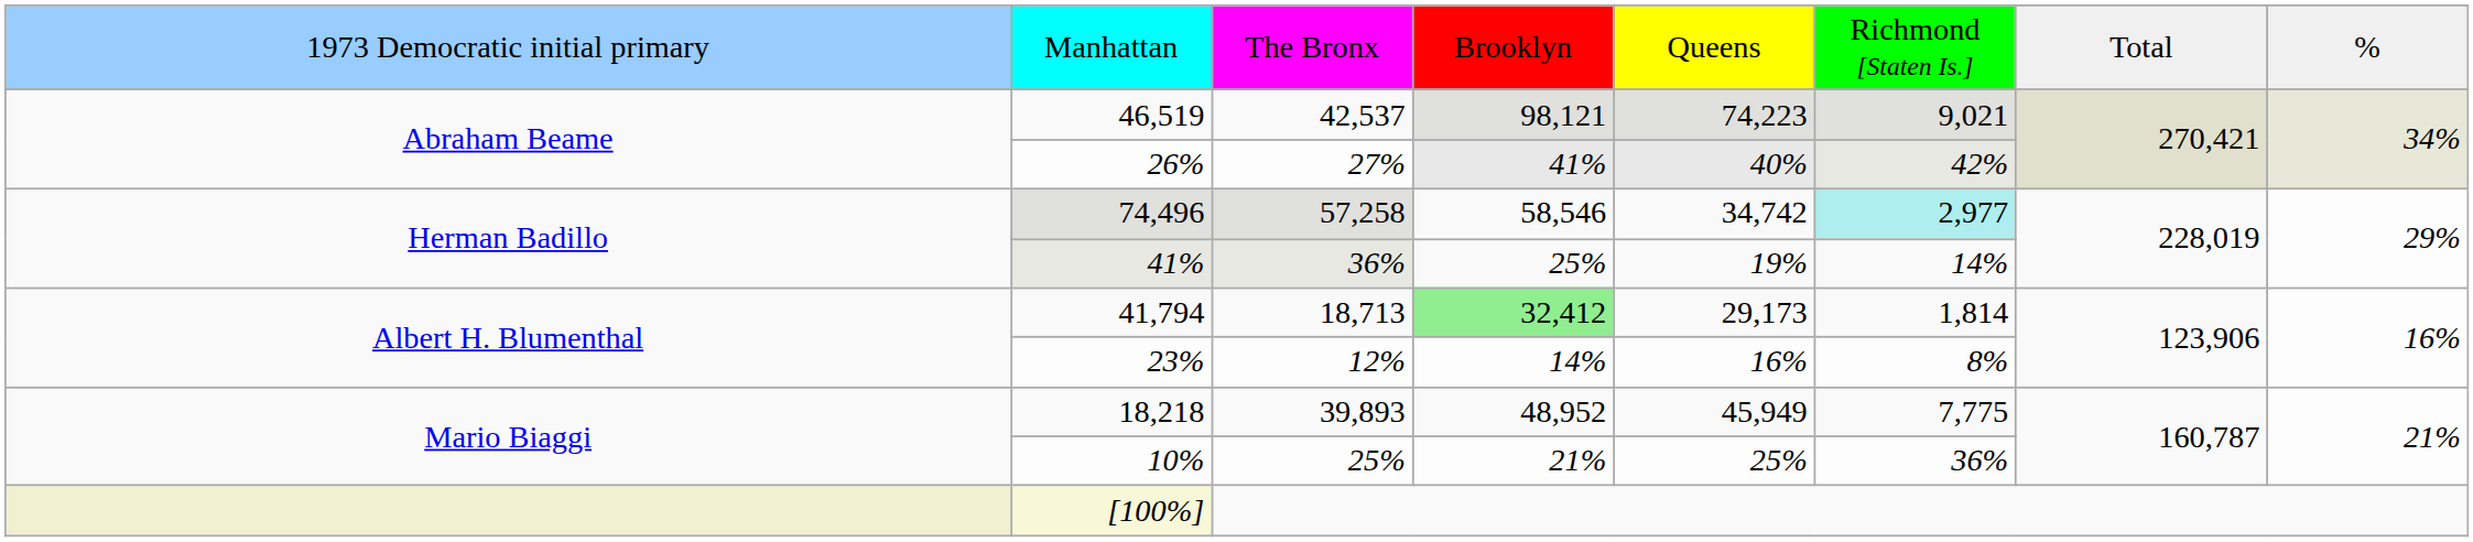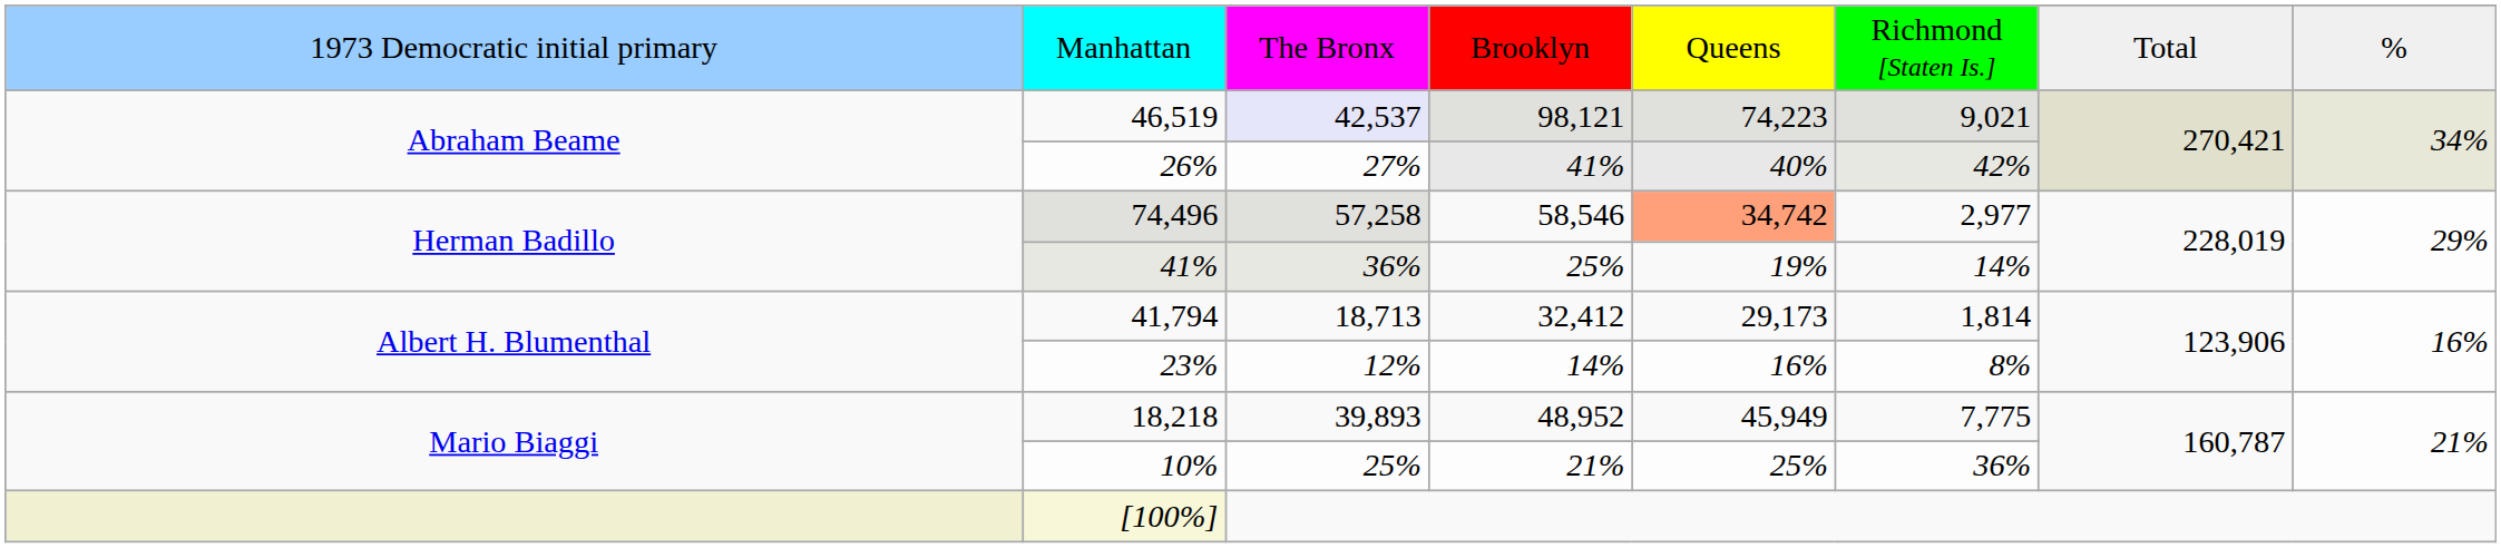 <table class="wikitable" style="width:100%; text-align:right;">
 <tr style="text-align:center;">
 <td style="width:40%; background:#9cf;">1973 Democratic initial primary</td>
 <td style="width:8%; background:aqua;">Manhattan</td>
 <td style="width:8%; background:magenta;">The Bronx</td>
 <td style="width:8%; background:red;">Brooklyn</td>
 <td style="width:8%; background:yellow;">Queens</td>
 <td style="width:8%; background:lime;">Richmond <small><em>[Staten Is.]</em></small></td>
 <td style="width:10%; background:#f0f0f0;">Total</td>
 <td style="width:8%; background:#f0f0f0;">%</td>
 </tr>
 <tr>
 <td rowspan="2" style="text-align:center;"><a href='#'>Abraham Beame</a></td>
 <td>46,519</td>
-<td>42,537</td>
+<td style="background: lavender;">42,537</td>
 <td style="background:#e0e0dd;">98,121</td>
 <td style="background:#e0e0dd;">74,223</td>
 <td style="background:#e0e0dd;">9,021</td>
 <td rowspan="2" style="background:#e0e0cc;">270,421</td>
 <td rowspan="2" style="background:#e8e8d8;"><em>34%</em></td>
 </tr>
 <tr style="background:#fdfdfd;">
 <td><em>26%</em></td>
 <td><em>27%</em></td>
 <td style="background:#e8e8e8;"><em>41%</em></td>
 <td style="background:#e8e8e8;"><em>40%</em></td>
 <td style="background:#e8e8e3;"><em>42%</em></td>
 </tr>
 <tr>
 <td rowspan="2" style="text-align:center;"><a href='#'>Herman Badillo</a></td>
 <td style="background:#e0e0dd;">74,496</td>
 <td style="background:#e0e0dd;">57,258</td>
 <td>58,546</td>
-<td>34,742</td>
-<td style="background: paleturquoise;">2,977</td>
+<td style="background: lightsalmon;">34,742</td>
+<td>2,977</td>
 <td rowspan="2">228,019</td>
 <td rowspan="2" style="background:#fdfdfd;"><em>29%</em></td>
 </tr>
 <tr |-bgcolor=fdfdfd>
 <td style="background:#e8e8e3;"><em>41%</em></td>
 <td style="background:#e8e8e3;"><em>36%</em></td>
 <td><em>25%</em></td>
 <td><em>19%</em></td>
 <td><em>14%</em></td>
 </tr>
 <tr>
 <td rowspan="2" style="text-align:center;"><a href='#'>Albert H. Blumenthal</a></td>
 <td>41,794</td>
 <td>18,713</td>
-<td style="background: lightgreen;">32,412</td>
+<td>32,412</td>
 <td>29,173</td>
 <td>1,814</td>
 <td rowspan="2">123,906</td>
 <td rowspan="2" style="background:#fdfdfd;"><em>16%</em></td>
 </tr>
 <tr style="background:#fdfdfd;">
 <td><em>23%</em></td>
 <td><em>12%</em></td>
 <td><em>14%</em></td>
 <td><em>16%</em></td>
 <td><em>8%</em></td>
 </tr>
 <tr>
 <td rowspan="2" style="text-align:center;"><a href='#'>Mario Biaggi</a></td>
 <td>18,218</td>
 <td>39,893</td>
 <td>48,952</td>
 <td>45,949</td>
 <td>7,775</td>
 <td rowspan="2">160,787</td>
 <td rowspan="2" style="background:#fdfdfd;"><em>21%</em></td>
 </tr>
 <tr style="background:#fdfdfd;">
 <td><em>10%</em></td>
 <td><em>25%</em></td>
 <td><em>21%</em></td>
 <td><em>25%</em></td>
 <td><em>36%</em></td>
 </tr>
 <tr style="background:#f1f1d1;">
 <td></td>
 <td bgcolor=f8f8d8><em>[100%]</em></td>
 </tr>
 </table>
